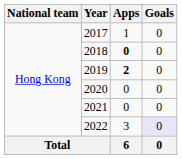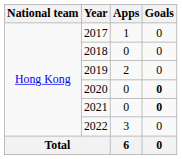 <table class="wikitable" style="text-align:center">
 <tr>
 <th>National team</th>
 <th>Year</th>
 <th>Apps</th>
 <th>Goals</th>
 </tr>
 <tr>
 <td rowspan="6"><a href='#'>Hong Kong</a></td>
 <td>2017</td>
 <td>1</td>
 <td>0</td>
 </tr>
 <tr>
 <td>2018</td>
-<td><strong>0</strong></td>
+<td>0</td>
 <td>0</td>
 </tr>
 <tr>
 <td>2019</td>
-<td><strong>2</strong></td>
+<td>2</td>
 <td>0</td>
 </tr>
 <tr>
 <td>2020</td>
 <td>0</td>
-<td>0</td>
+<td><strong>0</strong></td>
 </tr>
 <tr>
 <td>2021</td>
 <td>0</td>
-<td>0</td>
+<td><strong>0</strong></td>
 </tr>
 <tr>
 <td>2022</td>
 <td>3</td>
-<td style="background: lavender;">0</td>
+<td>0</td>
 </tr>
 <tr>
 <th colspan=2>Total</th>
 <th>6</th>
 <th>0</th>
 </tr>
 </table>
